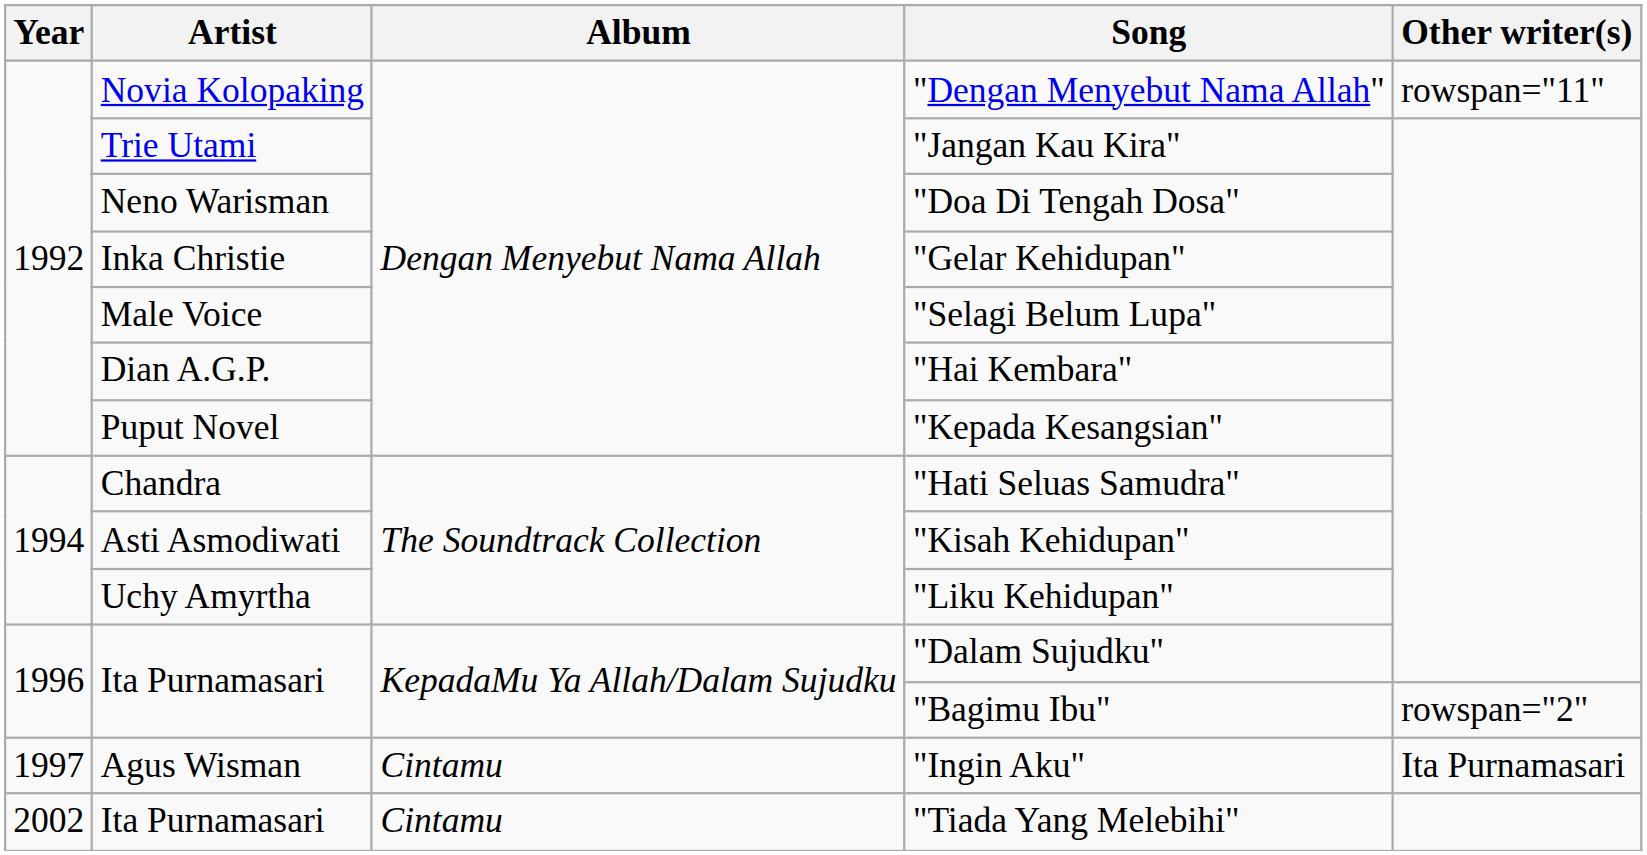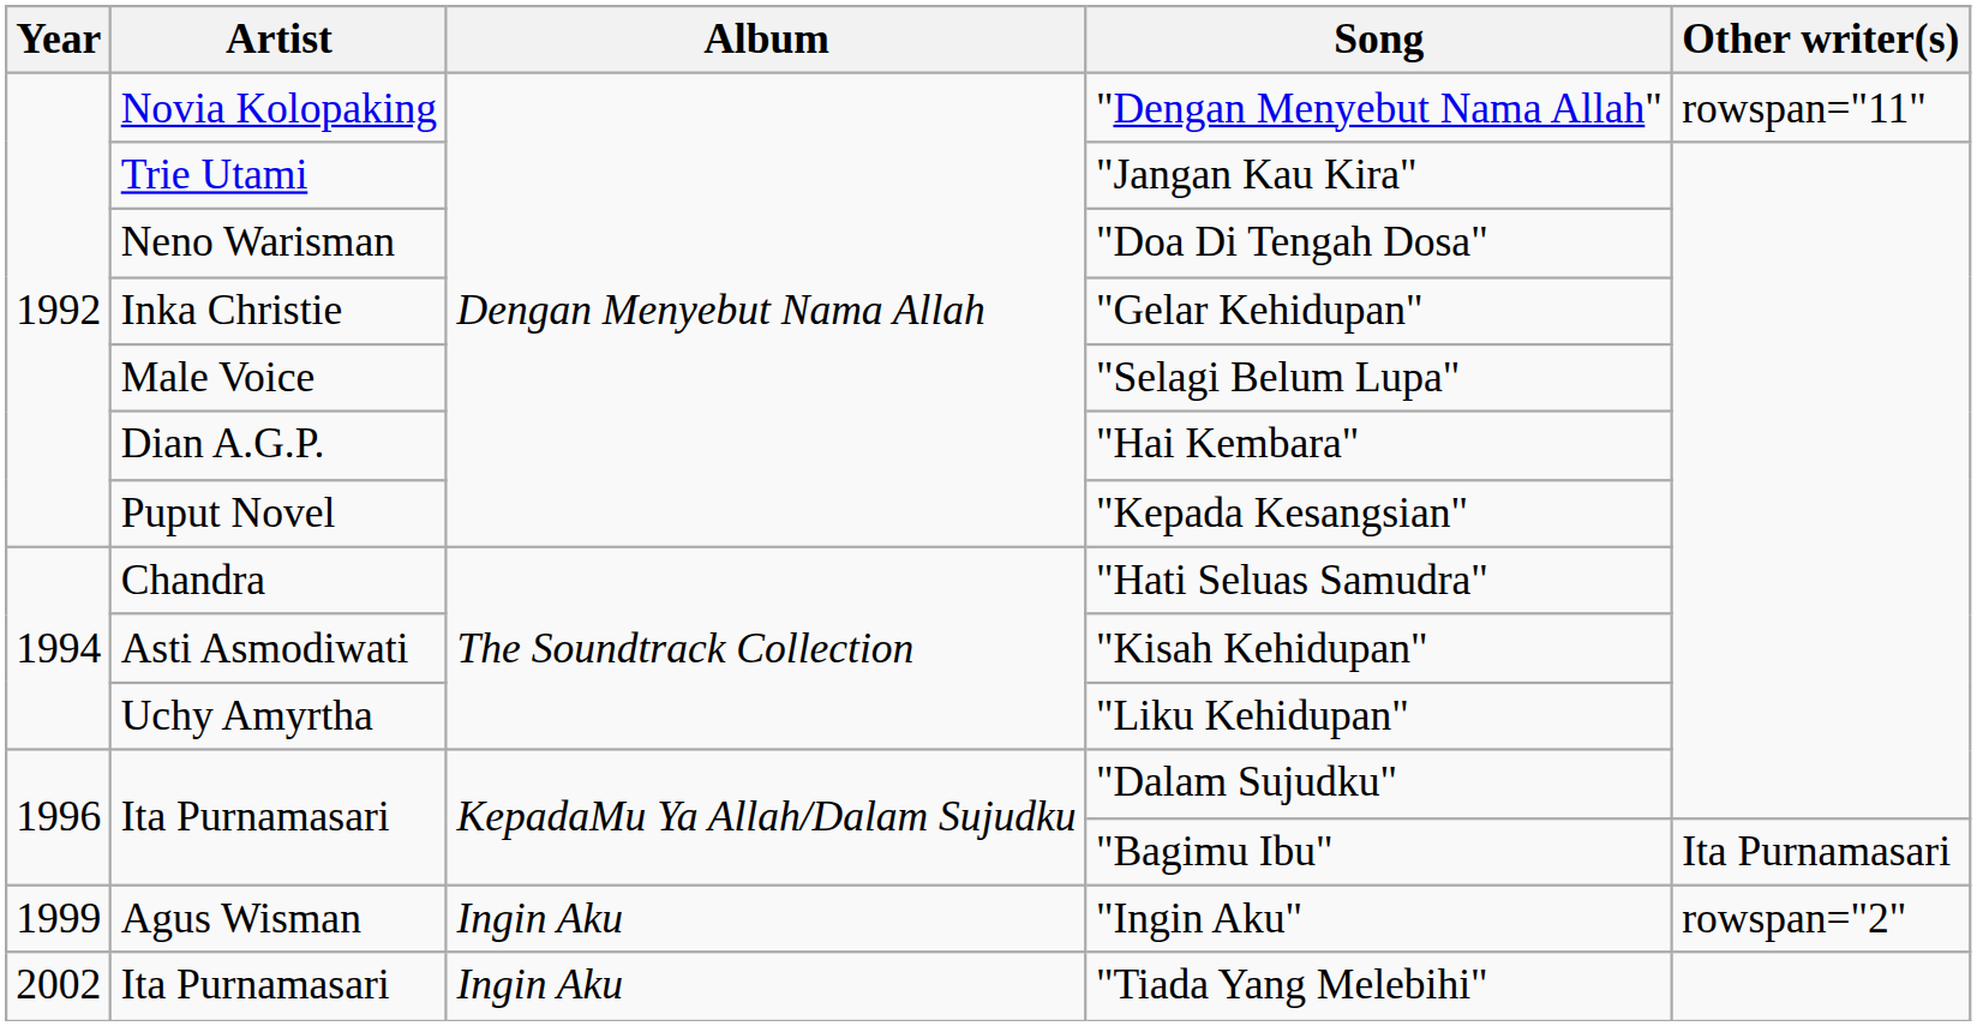 <table class="wikitable" align="center">
 <tr>
 <th>Year</th>
 <th>Artist</th>
 <th>Album</th>
 <th>Song</th>
 <th>Other writer(s)</th>
 </tr>
 <tr>
 <td rowspan="7">1992</td>
 <td><a href='#'>Novia Kolopaking</a></td>
 <td rowspan="7"><em>Dengan Menyebut Nama Allah</em></td>
 <td>"<a href='#'>Dengan Menyebut Nama Allah</a>"</td>
 <td>rowspan="11" </td>
 </tr>
 <tr>
 <td><a href='#'>Trie Utami</a></td>
 <td>"Jangan Kau Kira"</td>
 </tr>
 <tr>
 <td>Neno Warisman</td>
 <td>"Doa Di Tengah Dosa"</td>
 </tr>
 <tr>
 <td>Inka Christie</td>
 <td>"Gelar Kehidupan"</td>
 </tr>
 <tr>
 <td>Male Voice</td>
 <td>"Selagi Belum Lupa"</td>
 </tr>
 <tr>
 <td>Dian A.G.P.</td>
 <td>"Hai Kembara"</td>
 </tr>
 <tr>
 <td>Puput Novel</td>
 <td>"Kepada Kesangsian"</td>
 </tr>
 <tr>
 <td rowspan="3">1994</td>
 <td>Chandra</td>
 <td rowspan="3"><em>The Soundtrack Collection</em></td>
 <td>"Hati Seluas Samudra"</td>
 </tr>
 <tr>
 <td>Asti Asmodiwati</td>
 <td>"Kisah Kehidupan"</td>
 </tr>
 <tr>
 <td>Uchy Amyrtha</td>
 <td>"Liku Kehidupan"</td>
 </tr>
 <tr>
 <td rowspan="2">1996</td>
 <td rowspan="2">Ita Purnamasari</td>
 <td rowspan="2"><em>KepadaMu Ya Allah/Dalam Sujudku</em></td>
 <td>"Dalam Sujudku"</td>
 </tr>
 <tr>
 <td>"Bagimu Ibu"</td>
-<td>rowspan="2" </td>
+<td>Ita Purnamasari</td>
 </tr>
 <tr>
-<td>1997</td>
+<td>1999</td>
 <td>Agus Wisman</td>
-<td><em>Cintamu</em></td>
+<td><em>Ingin Aku</em></td>
 <td>"Ingin Aku"</td>
-<td>Ita Purnamasari</td>
+<td>rowspan="2" </td>
 </tr>
 <tr>
 <td>2002</td>
 <td>Ita Purnamasari</td>
-<td><em>Cintamu</em></td>
+<td><em>Ingin Aku</em></td>
 <td>"Tiada Yang Melebihi"</td>
 </tr>
 </table>
